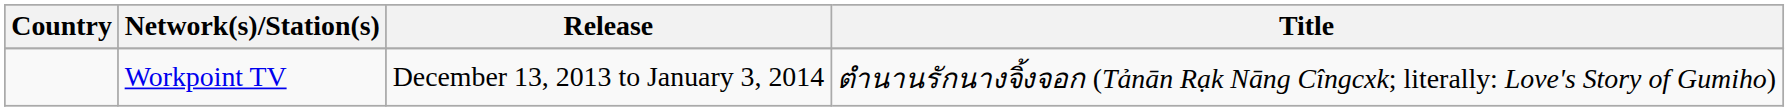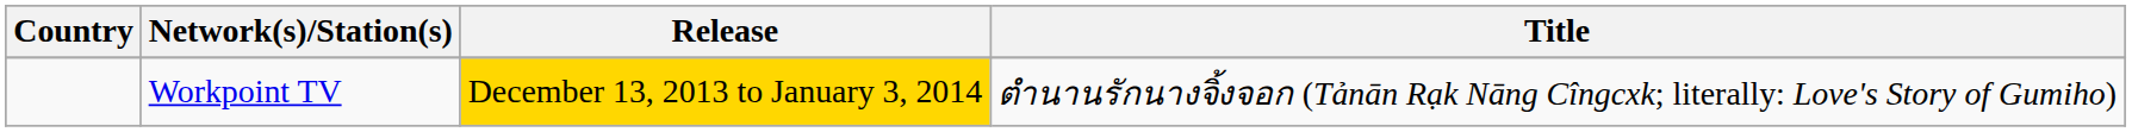 <table class="sortable wikitable">
 <tr>
 <th>Country</th>
 <th>Network(s)/Station(s)</th>
 <th>Release</th>
 <th>Title</th>
 </tr>
 <tr>
 </tr>
 <tr>
 <td></td>
 <td><a href='#'>Workpoint TV</a></td>
-<td>December 13, 2013 to January 3, 2014</td>
+<td style="background: gold;">December 13, 2013 to January 3, 2014</td>
 <td><em>ตำนานรักนางจิ้งจอก</em> (<em>Tảnān Rạk Nāng Cîngcxk</em>; literally: <em>Love's Story of Gumiho</em>)</td>
 </tr>
 </table>
